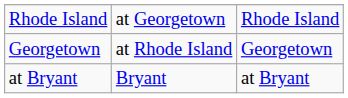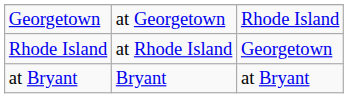 <table class="wikitable">
 <tr>
 </tr>
 <tr>
-<td><a href='#'>Rhode Island</a></td>
+<td><a href='#'>Georgetown</a></td>
 <td>at <a href='#'>Georgetown</a></td>
 <td><a href='#'>Rhode Island</a></td>
 </tr>
 <tr>
-<td><a href='#'>Georgetown</a></td>
+<td><a href='#'>Rhode Island</a></td>
 <td>at <a href='#'>Rhode Island</a></td>
 <td><a href='#'>Georgetown</a></td>
 </tr>
 <tr>
 <td>at <a href='#'>Bryant</a></td>
 <td><a href='#'>Bryant</a></td>
 <td>at <a href='#'>Bryant</a></td>
 </tr>
 </table>
